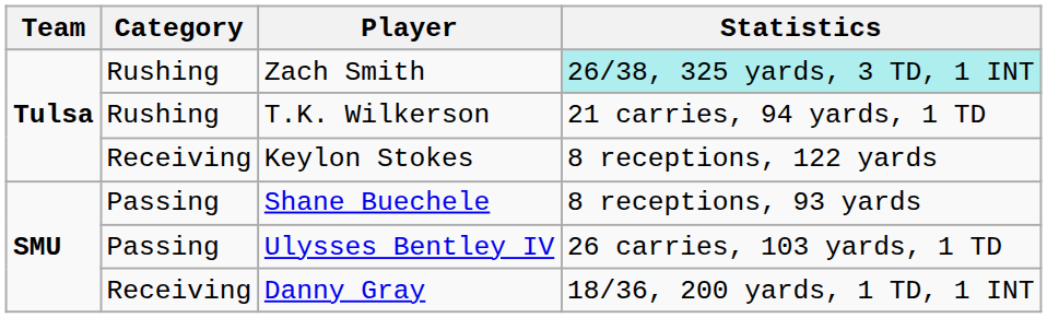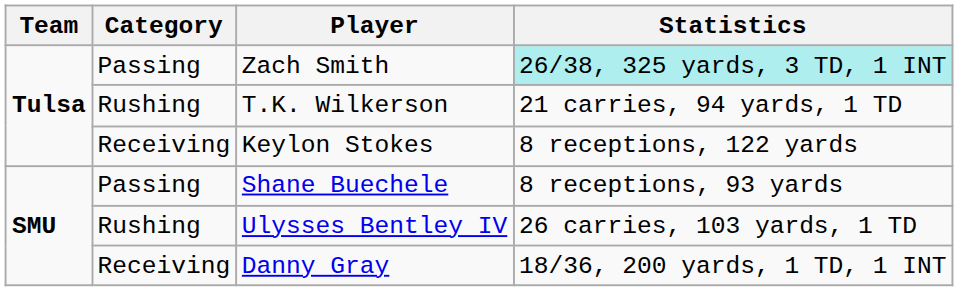 <table class="wikitable" style="float: right;">
 <tr>
 <th>Team</th>
 <th>Category</th>
 <th>Player</th>
 <th>Statistics</th>
 </tr>
 <tr>
 <td rowspan=3><strong>Tulsa</strong></td>
-<td>Rushing</td>
+<td>Passing</td>
 <td>Zach Smith</td>
 <td style="background: paleturquoise;">26/38, 325 yards, 3 TD, 1 INT</td>
 </tr>
 <tr>
 <td>Rushing</td>
 <td>T.K. Wilkerson</td>
 <td>21 carries, 94 yards, 1 TD</td>
 </tr>
 <tr>
 <td>Receiving</td>
 <td>Keylon Stokes</td>
 <td>8 receptions, 122 yards</td>
 </tr>
 <tr>
 <td rowspan=3><strong>SMU</strong></td>
 <td>Passing</td>
 <td><a href='#'>Shane Buechele</a></td>
 <td>8 receptions, 93 yards</td>
 </tr>
 <tr>
-<td>Passing</td>
+<td>Rushing</td>
 <td><a href='#'>Ulysses Bentley IV</a></td>
 <td>26 carries, 103 yards, 1 TD</td>
 </tr>
 <tr>
 <td>Receiving</td>
 <td><a href='#'>Danny Gray</a></td>
 <td>18/36, 200 yards, 1 TD, 1 INT</td>
 </tr>
 </table>
